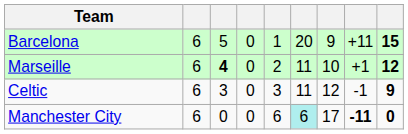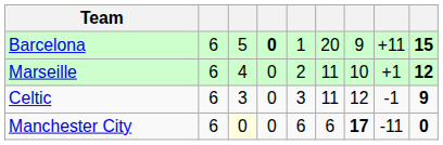 <table class="wikitable" style="text-align:center">
 <tr>
 <th style="width:175px;">Team</th>
 <th width="20"></th>
 <th width="20"></th>
 <th width="20"></th>
 <th width="20"></th>
 <th width="20"></th>
 <th width="20"></th>
 <th width="20"></th>
 <th width="20"></th>
 </tr>
 <tr style="background:#cfc;">
 <td align=left> <a href='#'>Barcelona</a></td>
 <td>6</td>
 <td>5</td>
-<td>0</td>
+<td><strong>0</strong></td>
 <td>1</td>
 <td>20</td>
 <td>9</td>
 <td>+11</td>
 <td><strong>15</strong></td>
 </tr>
 <tr style="background:#cfc;">
 <td align=left> <a href='#'>Marseille</a></td>
 <td>6</td>
-<td><strong>4</strong></td>
+<td>4</td>
 <td>0</td>
 <td>2</td>
 <td>11</td>
 <td>10</td>
 <td>+1</td>
 <td><strong>12</strong></td>
 </tr>
 <tr>
 <td align=left> <a href='#'>Celtic</a></td>
 <td>6</td>
 <td>3</td>
 <td>0</td>
 <td>3</td>
 <td>11</td>
 <td>12</td>
 <td>-1</td>
 <td><strong>9</strong></td>
 </tr>
 <tr>
 <td align=left> <a href='#'>Manchester City</a></td>
 <td>6</td>
-<td>0</td>
+<td style="background: lightyellow;">0</td>
 <td>0</td>
 <td>6</td>
-<td style="background: paleturquoise;">6</td>
-<td>17</td>
-<td><strong>-11</strong></td>
+<td>6</td>
+<td><strong>17</strong></td>
+<td>-11</td>
 <td><strong>0</strong></td>
 </tr>
 </table>
